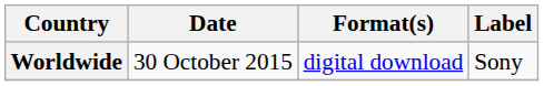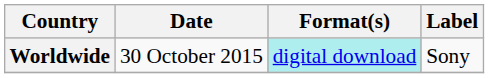 <table class="wikitable plainrowheaders">
 <tr>
 <th scope="col">Country</th>
 <th scope="col">Date</th>
 <th scope="col">Format(s)</th>
 <th scope="col">Label</th>
 </tr>
 <tr>
 <th scope="row">Worldwide</th>
 <td>30 October 2015</td>
-<td><a href='#'>digital download</a></td>
+<td style="background: paleturquoise;"><a href='#'>digital download</a></td>
 <td>Sony</td>
 </tr>
 <tr>
 </tr>
 </table>
